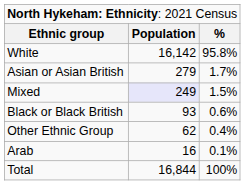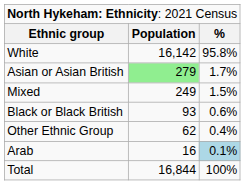 <table class="wikitable">
 <tr>
 <td colspan="14" style="text-align:right;"><strong>North Hykeham: Ethnicity</strong>: 2021 Census</td>
 </tr>
 <tr>
 <th>Ethnic group</th>
 <th>Population</th>
 <th>%</th>
 </tr>
 <tr>
 <td>White</td>
 <td style="text-align:right;">16,142</td>
 <td style="text-align:right;">95.8%</td>
 </tr>
 <tr>
 <td>Asian or Asian British</td>
-<td style="text-align:right;">279</td>
+<td style="background: lightgreen; text-align:right;">279</td>
 <td style="text-align:right;">1.7%</td>
 </tr>
 <tr>
 <td>Mixed</td>
-<td style="background: lavender; text-align:right;">249</td>
+<td style="text-align:right;">249</td>
 <td style="text-align:right;">1.5%</td>
 </tr>
 <tr>
 <td>Black or Black British</td>
 <td style="text-align:right;">93</td>
 <td style="text-align:right;">0.6%</td>
 </tr>
 <tr>
 <td>Other Ethnic Group</td>
 <td style="text-align:right;">62</td>
 <td style="text-align:right;">0.4%</td>
 </tr>
 <tr>
 <td>Arab</td>
 <td style="text-align:right;">16</td>
-<td style="text-align:right;">0.1%</td>
+<td style="background: lightblue; text-align:right;">0.1%</td>
 </tr>
 <tr>
 <td>Total</td>
 <td style="text-align:right;">16,844</td>
 <td style="text-align:right;">100%</td>
 </tr>
 </table>
